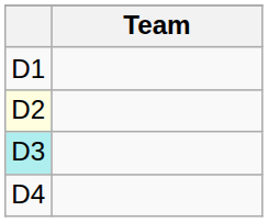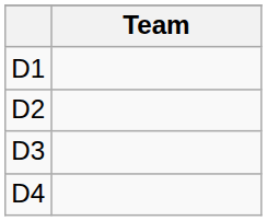 <table class="wikitable" style="display:inline-table;">
 <tr>
 </tr>
 <tr>
 <th></th>
 <th width=120>Team</th>
 </tr>
 <tr>
 <td align=center>D1</td>
 <td></td>
 </tr>
 <tr>
-<td align=center style="background: lightyellow;">D2</td>
+<td align=center>D2</td>
 <td></td>
 </tr>
 <tr>
-<td align=center style="background: paleturquoise;">D3</td>
+<td align=center>D3</td>
 <td></td>
 </tr>
 <tr>
 <td align=center>D4</td>
 <td></td>
 </tr>
 </table>
